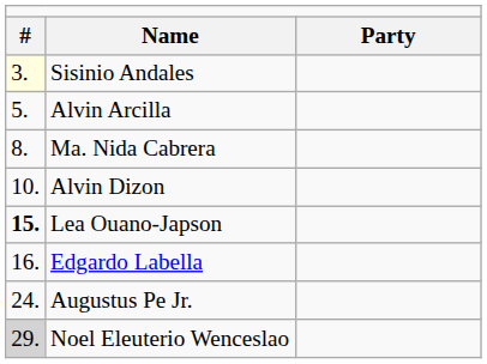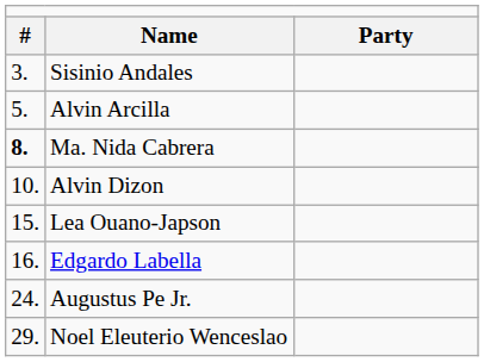 <table class=wikitable style="font-size:90%">
 <tr>
 <td colspan=4 bgcolor=></td>
 </tr>
 <tr>
 <th>#</th>
 <th width=150px>Name</th>
 <th colspan=2 width=110px>Party</th>
 </tr>
 <tr>
-<td style="background: lightyellow;">3.</td>
+<td>3.</td>
 <td>Sisinio Andales</td>
 <td></td>
 </tr>
 <tr>
 <td>5.</td>
 <td>Alvin Arcilla</td>
 <td></td>
 </tr>
 <tr>
-<td>8.</td>
+<td><strong>8.</strong></td>
 <td>Ma. Nida Cabrera</td>
 <td></td>
 </tr>
 <tr>
 <td>10.</td>
 <td>Alvin Dizon</td>
 <td></td>
 </tr>
 <tr>
-<td><strong>15.</strong></td>
+<td>15.</td>
 <td>Lea Ouano-Japson</td>
 <td></td>
 </tr>
 <tr>
 <td>16.</td>
 <td><a href='#'>Edgardo Labella</a></td>
 <td></td>
 </tr>
 <tr>
 <td>24.</td>
 <td>Augustus Pe Jr.</td>
 <td></td>
 </tr>
 <tr>
-<td style="background: lightgrey;">29.</td>
+<td>29.</td>
 <td>Noel Eleuterio Wenceslao</td>
 <td></td>
 </tr>
 </table>
